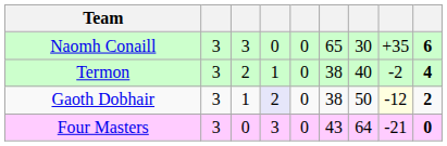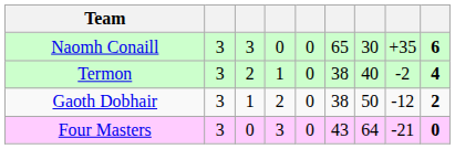 <table class="wikitable" style="text-align:center">
 <tr>
 <th style="width:175px;">Team</th>
 <th width="20"></th>
 <th width="20"></th>
 <th width="20"></th>
 <th width="20"></th>
 <th width="20"></th>
 <th width="20"></th>
 <th width="20"></th>
 <th width="20"></th>
 </tr>
 <tr style="background:#cfc;">
 <td><a href='#'>Naomh Conaill</a></td>
 <td>3</td>
 <td>3</td>
 <td>0</td>
 <td>0</td>
 <td>65</td>
 <td>30</td>
 <td>+35</td>
 <td><strong>6</strong></td>
 </tr>
 <tr style="background:#cfc;">
 <td><a href='#'>Termon</a></td>
 <td>3</td>
 <td>2</td>
 <td>1</td>
 <td>0</td>
 <td>38</td>
 <td>40</td>
 <td>-2</td>
 <td><strong>4</strong></td>
 </tr>
 <tr>
 <td><a href='#'>Gaoth Dobhair</a></td>
 <td>3</td>
 <td>1</td>
-<td style="background: lavender;">2</td>
+<td>2</td>
 <td>0</td>
 <td>38</td>
 <td>50</td>
-<td style="background: lightyellow;">-12</td>
+<td>-12</td>
 <td><strong>2</strong></td>
 </tr>
 <tr style="background:#fcf;">
 <td><a href='#'>Four Masters</a></td>
 <td>3</td>
 <td>0</td>
 <td>3</td>
 <td>0</td>
 <td>43</td>
 <td>64</td>
 <td>-21</td>
 <td><strong>0</strong></td>
 </tr>
 </table>
